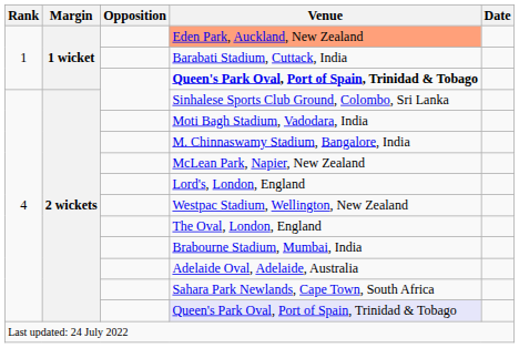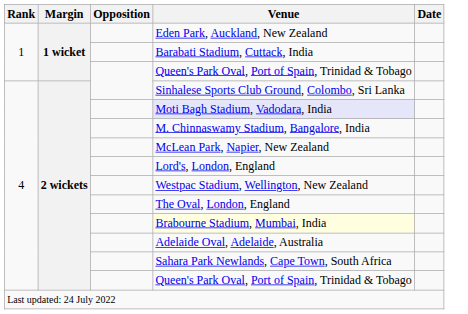 <table class="wikitable sortable">
 <tr>
 <th scope=col>Rank</th>
 <th scope=col>Margin</th>
 <th scope=col>Opposition</th>
 <th scope=col>Venue</th>
 <th scope=col>Date</th>
 </tr>
 <tr>
 <td align=center rowspan=3>1</td>
 <th scope=row style=text-align:center; rowspan=3>1 wicket</th>
 <td></td>
-<td style="background: lightsalmon;"><a href='#'>Eden Park</a>, <a href='#'>Auckland</a>, New Zealand</td>
+<td><a href='#'>Eden Park</a>, <a href='#'>Auckland</a>, New Zealand</td>
 <td></td>
 </tr>
 <tr>
 <td></td>
 <td><a href='#'>Barabati Stadium</a>, <a href='#'>Cuttack</a>, India</td>
 <td></td>
 </tr>
 <tr>
 <td rowspan=2></td>
-<td><strong><a href='#'>Queen's Park Oval</a>, <a href='#'>Port of Spain</a>, Trinidad & Tobago</strong></td>
+<td><a href='#'>Queen's Park Oval</a>, <a href='#'>Port of Spain</a>, Trinidad & Tobago</td>
 <td></td>
 </tr>
 <tr>
 <td align=center rowspan=11>4</td>
 <th scope=row style=text-align:center; rowspan=11>2 wickets</th>
 <td><a href='#'>Sinhalese Sports Club Ground</a>, <a href='#'>Colombo</a>, Sri Lanka</td>
 <td></td>
 </tr>
 <tr>
 <td></td>
-<td><a href='#'>Moti Bagh Stadium</a>, <a href='#'>Vadodara</a>, India</td>
+<td style="background: lavender;"><a href='#'>Moti Bagh Stadium</a>, <a href='#'>Vadodara</a>, India</td>
 <td></td>
 </tr>
 <tr>
 <td></td>
 <td><a href='#'>M. Chinnaswamy Stadium</a>, <a href='#'>Bangalore</a>, India</td>
 <td></td>
 </tr>
 <tr>
 <td></td>
 <td><a href='#'>McLean Park</a>, <a href='#'>Napier</a>, New Zealand</td>
 <td></td>
 </tr>
 <tr>
 <td></td>
 <td><a href='#'>Lord's</a>, <a href='#'>London</a>, England</td>
 <td></td>
 </tr>
 <tr>
 <td></td>
 <td><a href='#'>Westpac Stadium</a>, <a href='#'>Wellington</a>, New Zealand</td>
 <td></td>
 </tr>
 <tr>
 <td></td>
 <td><a href='#'>The Oval</a>, <a href='#'>London</a>, England</td>
 <td></td>
 </tr>
 <tr>
 <td></td>
-<td><a href='#'>Brabourne Stadium</a>, <a href='#'>Mumbai</a>, India</td>
+<td style="background: lightyellow;"><a href='#'>Brabourne Stadium</a>, <a href='#'>Mumbai</a>, India</td>
 <td></td>
 </tr>
 <tr>
 <td></td>
 <td><a href='#'>Adelaide Oval</a>, <a href='#'>Adelaide</a>, Australia</td>
 <td></td>
 </tr>
 <tr>
 <td></td>
 <td><a href='#'>Sahara Park Newlands</a>, <a href='#'>Cape Town</a>, South Africa</td>
 <td></td>
 </tr>
 <tr>
 <td></td>
-<td style="background: lavender;"><a href='#'>Queen's Park Oval</a>, <a href='#'>Port of Spain</a>, Trinidad & Tobago</td>
+<td><a href='#'>Queen's Park Oval</a>, <a href='#'>Port of Spain</a>, Trinidad & Tobago</td>
 <td></td>
 </tr>
 <tr class=sortbottom>
 <td colspan=6><small>Last updated: 24 July 2022</small></td>
 </tr>
 </table>
